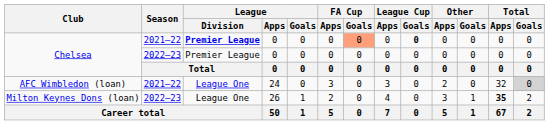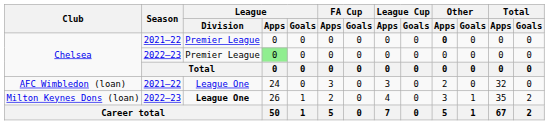 <table class="wikitable" style="text-align: center">
 <tr>
 <th rowspan="2">Club</th>
 <th rowspan="2">Season</th>
 <th colspan="3">League</th>
 <th colspan="2">FA Cup</th>
 <th colspan="2">League Cup</th>
 <th colspan="2">Other</th>
 <th colspan="2">Total</th>
 </tr>
 <tr>
 <th>Division</th>
 <th>Apps</th>
 <th>Goals</th>
 <th>Apps</th>
 <th>Goals</th>
 <th>Apps</th>
 <th>Goals</th>
 <th>Apps</th>
 <th>Goals</th>
 <th>Apps</th>
 <th>Goals</th>
 </tr>
 <tr>
 <td rowspan=3><a href='#'>Chelsea</a></td>
 <td><a href='#'>2021–22</a></td>
-<td><strong><a href='#'>Premier League</a></strong></td>
+<td><a href='#'>Premier League</a></td>
 <td>0</td>
 <td>0</td>
 <td>0</td>
-<td style="background: lightsalmon;">0</td>
+<td>0</td>
+<td>0</td>
 <td>0</td>
 <td><strong>0</strong></td>
-<td>0</td>
 <td>0</td>
 <td>0</td>
 <td>0</td>
 </tr>
 <tr>
 <td><a href='#'>2022–23</a></td>
 <td>Premier League</td>
-<td>0</td>
+<td style="background: lightgreen;">0</td>
 <td>0</td>
 <td>0</td>
 <td>0</td>
 <td>0</td>
 <td>0</td>
 <td>0</td>
 <td>0</td>
 <td>0</td>
 <td>0</td>
 </tr>
 <tr>
 <th colspan="2">Total</th>
 <th>0</th>
 <th>0</th>
 <th>0</th>
 <th>0</th>
 <th>0</th>
 <th>0</th>
 <th>0</th>
 <th>0</th>
 <th>0</th>
 <th>0</th>
 </tr>
 <tr>
 <td><a href='#'>AFC Wimbledon</a> (loan)</td>
 <td><a href='#'>2021–22</a></td>
 <td><a href='#'>League One</a></td>
 <td>24</td>
 <td>0</td>
 <td>3</td>
 <td>0</td>
 <td>3</td>
 <td>0</td>
 <td>2</td>
 <td>0</td>
 <td>32</td>
-<td style="background: lightgrey;">0</td>
+<td>0</td>
 </tr>
 <tr>
 <td><a href='#'>Milton Keynes Dons</a> (loan)</td>
 <td><a href='#'>2022–23</a></td>
-<td>League One</td>
+<td><strong>League One</strong></td>
 <td>26</td>
 <td>1</td>
 <td>2</td>
 <td>0</td>
 <td>4</td>
 <td>0</td>
 <td>3</td>
 <td>1</td>
-<td><strong>35</strong></td>
+<td>35</td>
 <td>2</td>
 </tr>
 <tr>
 <th colspan="3">Career total</th>
 <th>50</th>
 <th>1</th>
 <th>5</th>
 <th>0</th>
 <th>7</th>
 <th>0</th>
 <th>5</th>
 <th>1</th>
 <th>67</th>
 <th>2</th>
 </tr>
 </table>
